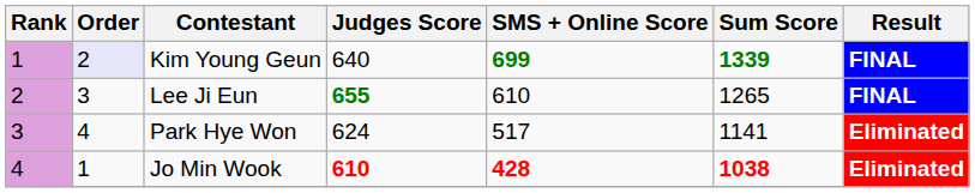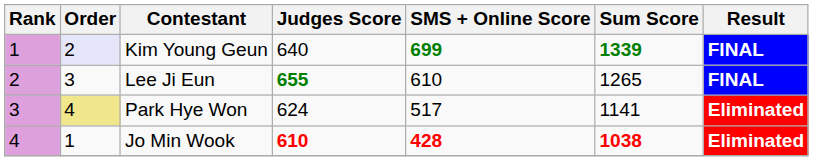 <table class="wikitable">
 <tr>
 <th scope="col">Rank</th>
 <th scope="col">Order</th>
 <th scope="col">Contestant</th>
 <th scope="col">Judges Score</th>
 <th scope="col">SMS + Online Score</th>
 <th scope="col">Sum Score</th>
 <th scope="col">Result</th>
 </tr>
 <tr>
 <td style="background:plum">1</td>
 <td style="background: lavender;">2</td>
 <td>Kim Young Geun</td>
 <td>640</td>
 <td style=color:green><strong>699</strong></td>
 <td style=color:green><strong>1339</strong></td>
 <td style="background:blue;color:white"><strong>FINAL</strong></td>
 </tr>
 <tr>
 <td style="background:plum">2</td>
 <td>3</td>
 <td>Lee Ji Eun</td>
 <td style=color:green><strong>655</strong></td>
 <td>610</td>
 <td>1265</td>
 <td style="background:blue;color:white"><strong>FINAL</strong></td>
 </tr>
 <tr>
 <td style="background:plum">3</td>
-<td>4</td>
+<td style="background: khaki;">4</td>
 <td>Park Hye Won</td>
 <td>624</td>
 <td>517</td>
 <td>1141</td>
 <td style="background:red;color:white"><strong>Eliminated</strong></td>
 </tr>
 <tr>
 <td style="background:plum">4</td>
 <td>1</td>
 <td>Jo Min Wook</td>
 <td style=color:red><strong>610</strong></td>
 <td style=color:red><strong>428</strong></td>
 <td style=color:red><strong>1038</strong></td>
 <td style="background:red;color:white"><strong>Eliminated</strong></td>
 </tr>
 <tr>
 </tr>
 </table>
